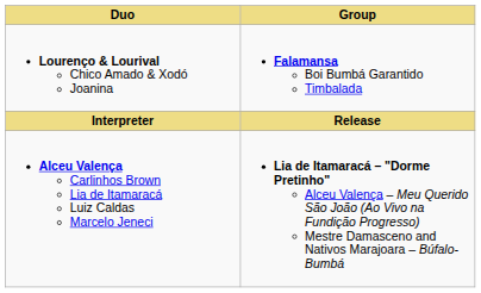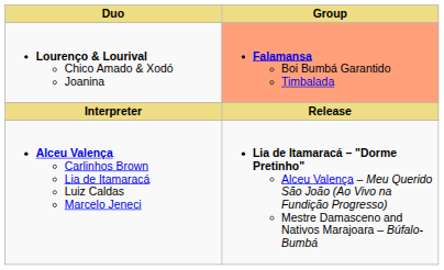 <table class="wikitable" style="width=">
 <tr>
 <th scope="col" style="background:#EEDD85; width:50%">Duo</th>
 <th scope="col" style="background:#EEDD85; width:50%">Group</th>
 </tr>
 <tr>
 <td style="vertical-align:top"><br><ul><li><strong>Lourenço & Lourival</strong><ul><li>Chico Amado & Xodó</li><li>Joanina</li></ul></li></ul></td>
-<td style="vertical-align:top"><br><ul><li><strong><a href='#'>Falamansa</a></strong><ul><li>Boi Bumbá Garantido</li><li><a href='#'>Timbalada</a></li></ul></li></ul></td>
+<td style="background: lightsalmon; vertical-align:top"><br><ul><li><strong><a href='#'>Falamansa</a></strong><ul><li>Boi Bumbá Garantido</li><li><a href='#'>Timbalada</a></li></ul></li></ul></td>
 </tr>
 <tr>
 <th scope="col" style="background:#EEDD85; width:50%">Interpreter</th>
 <th scope="col" style="background:#EEDD85; width:50%">Release</th>
 </tr>
 <tr>
 <td style="vertical-align:top"><br><ul><li><strong><a href='#'>Alceu Valença</a></strong><ul><li><a href='#'>Carlinhos Brown</a></li><li><a href='#'>Lia de Itamaracá</a></li><li>Luiz Caldas</li><li><a href='#'>Marcelo Jeneci</a></li></ul></li></ul></td>
 <td style="vertical-align:top"><br><ul><li><strong>Lia de Itamaracá – "Dorme Pretinho"</strong><ul><li><a href='#'>Alceu Valença</a> – <em>Meu Querido São João (Ao Vivo na Fundição Progresso)</em></li><li>Mestre Damasceno and Nativos Marajoara – <em>Búfalo-Bumbá</em></li></ul></li></ul></td>
 </tr>
 </table>
